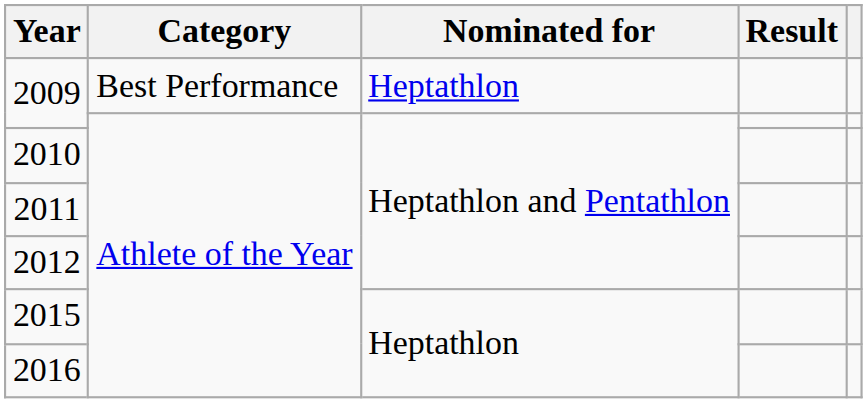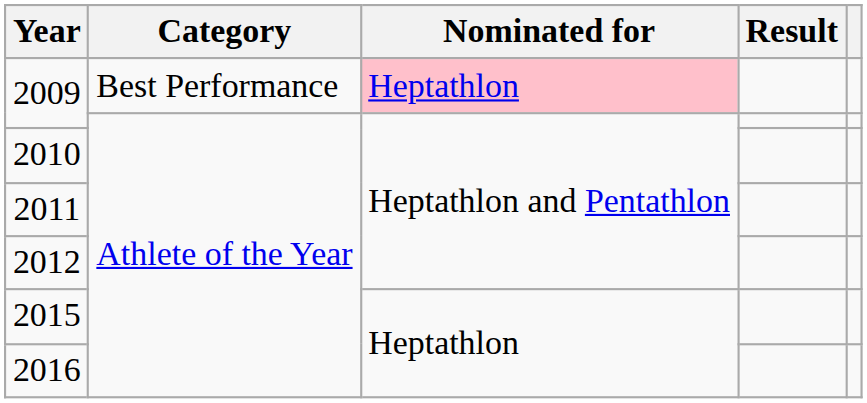 <table class="wikitable plainrowheaders">
 <tr>
 <th scope="col">Year</th>
 <th scope="col">Category</th>
 <th scope="col">Nominated for</th>
 <th scope="col">Result</th>
 <th scope="col"></th>
 </tr>
 <tr>
 <td rowspan = "2" align="center">2009</td>
 <td>Best Performance</td>
-<td><a href='#'>Heptathlon</a></td>
+<td style="background: pink;"><a href='#'>Heptathlon</a></td>
 <td></td>
 <td></td>
 </tr>
 <tr>
 <td rowspan = "6"><a href='#'>Athlete of the Year</a></td>
 <td rowspan = "4">Heptathlon and <a href='#'>Pentathlon</a></td>
 <td></td>
 <td></td>
 </tr>
 <tr>
 <td align="center">2010</td>
 <td></td>
 <td></td>
 </tr>
 <tr>
 <td align="center">2011</td>
 <td></td>
 <td></td>
 </tr>
 <tr>
 <td align="center">2012</td>
 <td></td>
 <td></td>
 </tr>
 <tr>
 <td align="center">2015</td>
 <td rowspan = "2">Heptathlon</td>
 <td></td>
 <td></td>
 </tr>
 <tr>
 <td align="center">2016</td>
 <td></td>
 <td></td>
 </tr>
 </table>
